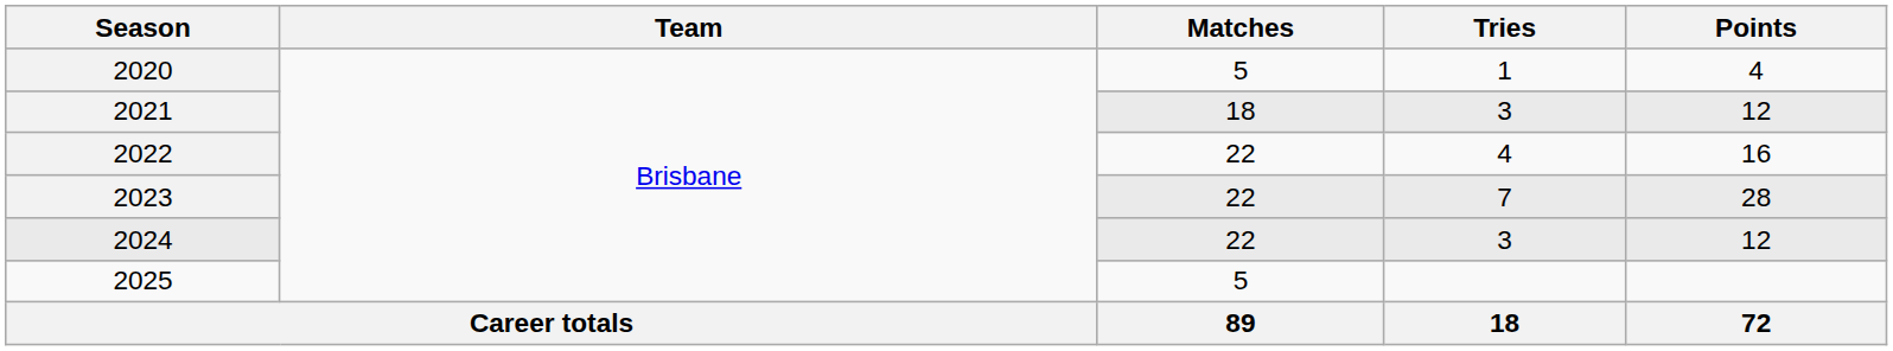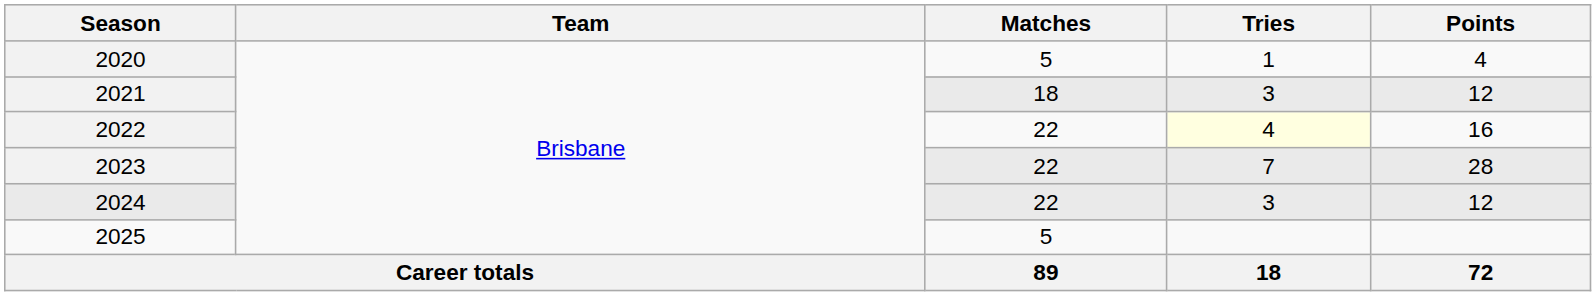 <table class="wikitable sortable" style="font-size:90%; text-align:center; width:80%;">
 <tr>
 <th width="2%">Season</th>
 <th width="8%">Team</th>
 <th width="2%">Matches</th>
 <th width="2%">Tries</th>
 <th width="2%">Points</th>
 </tr>
 <tr>
 <th scope="row" style="text-align:center; font-weight:normal">2020</th>
 <td rowspan="6"> <a href='#'>Brisbane</a></td>
 <td>5</td>
 <td>1</td>
 <td>4</td>
 </tr>
 <tr style="background:#eaeaea;">
 <th scope="row" style="text-align:center; font-weight:normal">2021</th>
 <td>18</td>
 <td>3</td>
 <td>12</td>
 </tr>
 <tr>
 <th scope="row" style="text-align:center; font-weight:normal">2022</th>
 <td>22</td>
-<td>4</td>
+<td style="background: lightyellow;">4</td>
 <td>16</td>
 </tr>
 <tr style="background:#eaeaea;">
 <th scope="row" style="text-align:center; font-weight:normal">2023</th>
 <td>22</td>
 <td>7</td>
 <td>28</td>
 </tr>
 <tr style="background:#eaeaea;">
 <td>2024</td>
 <td>22</td>
 <td>3</td>
 <td>12</td>
 </tr>
 <tr>
 <td>2025</td>
 <td>5</td>
 <td></td>
 <td></td>
 </tr>
 <tr class="sortbottom">
 <th colspan="2">Career totals</th>
 <th>89</th>
 <th>18</th>
 <th>72</th>
 </tr>
 </table>
